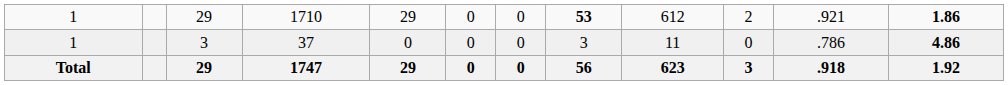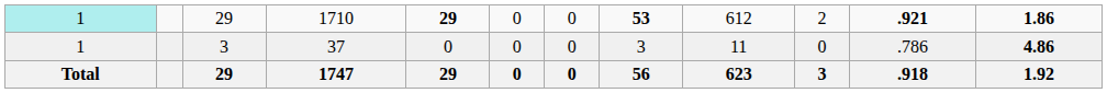 <table class="wikitable sortable" width ="1000">
 <tr align="center">
 </tr>
 <tr align="center">
-<td>1</td>
+<td style="background: paleturquoise;">1</td>
 <td></td>
 <td>29</td>
 <td>1710</td>
-<td>29</td>
+<td><strong>29</strong></td>
 <td>0</td>
 <td>0</td>
 <td><strong>53</strong></td>
 <td>612</td>
 <td>2</td>
-<td>.921</td>
+<td><strong>.921</strong></td>
 <td><strong>1.86</strong></td>
 </tr>
 <tr align="center" bgcolor="#f0f0f0">
 <td>1</td>
 <td></td>
 <td>3</td>
 <td>37</td>
 <td>0</td>
 <td>0</td>
 <td>0</td>
 <td>3</td>
 <td>11</td>
 <td>0</td>
 <td>.786</td>
 <td><strong>4.86</strong></td>
 </tr>
 <tr>
 <th>Total</th>
 <th></th>
 <th>29</th>
 <th>1747</th>
 <th>29</th>
 <th>0</th>
 <th>0</th>
 <th>56</th>
 <th>623</th>
 <th>3</th>
 <th>.918</th>
 <th>1.92</th>
 </tr>
 </table>
